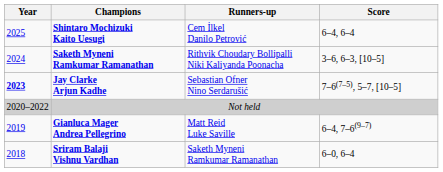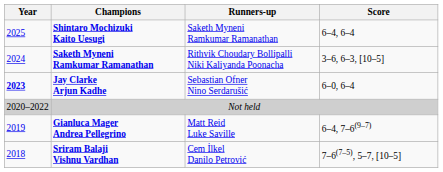 <table class="wikitable" style="font-size:90%">
 <tr>
 <th>Year</th>
 <th width="200">Champions</th>
 <th width="200">Runners-up</th>
 <th width="175">Score</th>
 </tr>
 <tr>
 <td><a href='#'>2025</a></td>
 <td> <strong><a href='#'>Shintaro Mochizuki</a></strong><br> <strong><a href='#'>Kaito Uesugi</a></strong></td>
-<td> <a href='#'>Cem İlkel</a><br> <a href='#'>Danilo Petrović</a></td>
+<td> <a href='#'>Saketh Myneni</a><br> <a href='#'>Ramkumar Ramanathan</a></td>
 <td>6–4, 6–4</td>
 </tr>
 <tr>
 <td><a href='#'>2024</a></td>
 <td> <strong><a href='#'>Saketh Myneni</a></strong><br> <strong><a href='#'>Ramkumar Ramanathan</a></strong></td>
 <td> <a href='#'>Rithvik Choudary Bollipalli</a><br> <a href='#'>Niki Kaliyanda Poonacha</a></td>
 <td>3–6, 6–3, [10–5]</td>
 </tr>
 <tr>
 <td><strong><a href='#'>2023</a></strong></td>
 <td> <strong><a href='#'>Jay Clarke</a></strong><br> <strong><a href='#'>Arjun Kadhe</a></strong></td>
 <td> <a href='#'>Sebastian Ofner</a><br> <a href='#'>Nino Serdarušić</a></td>
-<td>7–6<sup>(7–5)</sup>, 5–7, [10–5]</td>
+<td>6–0, 6–4</td>
 </tr>
 <tr>
 <td style="background:#cfcfcf">2020–2022</td>
 <td colspan=3 align=center style="background:#cfcfcf"><em>Not held</em></td>
 </tr>
 <tr>
 <td><a href='#'>2019</a></td>
 <td> <strong><a href='#'>Gianluca Mager</a></strong><br> <strong><a href='#'>Andrea Pellegrino</a></strong></td>
 <td> <a href='#'>Matt Reid</a><br> <a href='#'>Luke Saville</a></td>
 <td>6–4, 7–6<sup>(9–7)</sup></td>
 </tr>
 <tr>
 <td><a href='#'>2018</a></td>
 <td> <strong><a href='#'>Sriram Balaji</a></strong><br> <strong><a href='#'>Vishnu Vardhan</a></strong></td>
-<td> <a href='#'>Saketh Myneni</a><br> <a href='#'>Ramkumar Ramanathan</a></td>
-<td>6–0, 6–4</td>
+<td> <a href='#'>Cem İlkel</a><br> <a href='#'>Danilo Petrović</a></td>
+<td>7–6<sup>(7–5)</sup>, 5–7, [10–5]</td>
 </tr>
 </table>
